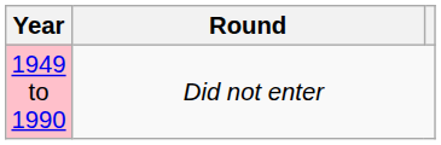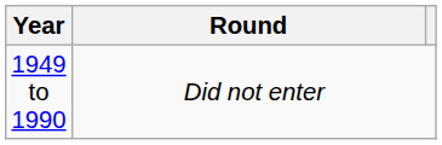 <table class="wikitable" style="text-align: center; font-size:90%">
 <tr>
 <th>Year</th>
 <th style="width:200px">Round</th>
 <th></th>
 </tr>
 <tr>
-<td style="background: pink;"><a href='#'>1949</a><br>to<br><a href='#'>1990</a></td>
+<td><a href='#'>1949</a><br>to<br><a href='#'>1990</a></td>
 <td colspan="2"><em>Did not enter</em></td>
 </tr>
 </table>
